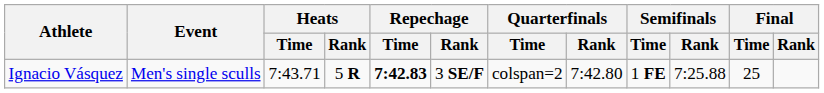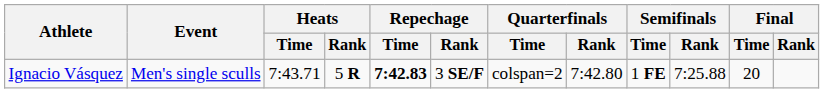 <table class="wikitable" style="font-size:90%">
 <tr>
 <th rowspan="2">Athlete</th>
 <th rowspan="2">Event</th>
 <th colspan="2">Heats</th>
 <th colspan="2">Repechage</th>
 <th colspan="2">Quarterfinals</th>
 <th colspan="2">Semifinals</th>
 <th colspan="2">Final</th>
 </tr>
 <tr style="font-size:95%">
 <th>Time</th>
 <th>Rank</th>
 <th>Time</th>
 <th>Rank</th>
 <th>Time</th>
 <th>Rank</th>
 <th>Time</th>
 <th>Rank</th>
 <th>Time</th>
 <th>Rank</th>
 </tr>
 <tr align=center>
 <td align=left><a href='#'>Ignacio Vásquez</a></td>
 <td align=left><a href='#'>Men's single sculls</a></td>
 <td>7:43.71</td>
 <td>5 <strong>R</strong></td>
 <td><strong>7:42.83</strong></td>
 <td>3 <strong>SE/F</strong></td>
 <td>colspan=2 </td>
 <td>7:42.80</td>
 <td>1 <strong>FE</strong></td>
 <td>7:25.88</td>
-<td>25</td>
+<td>20</td>
 </tr>
 </table>
